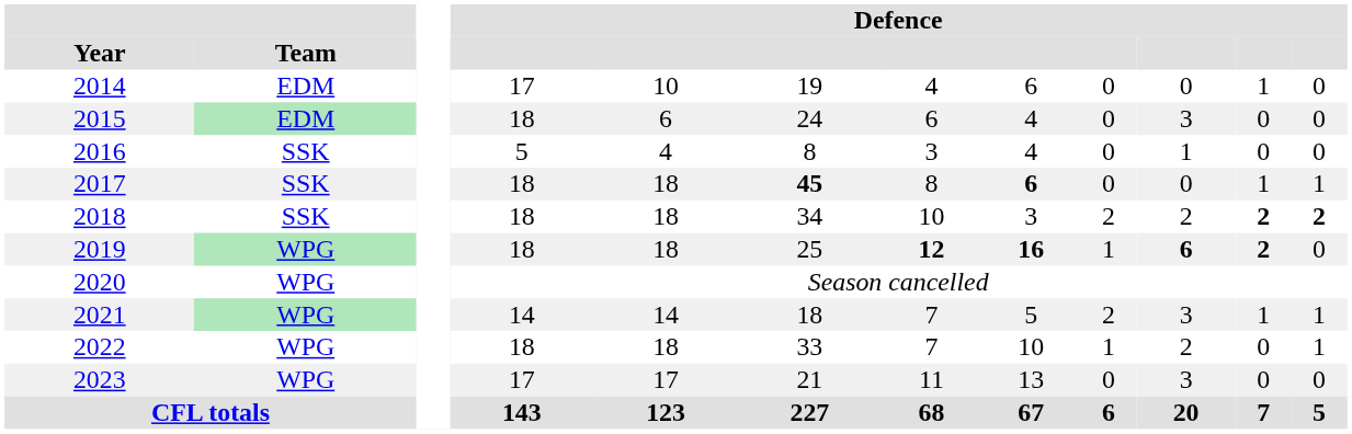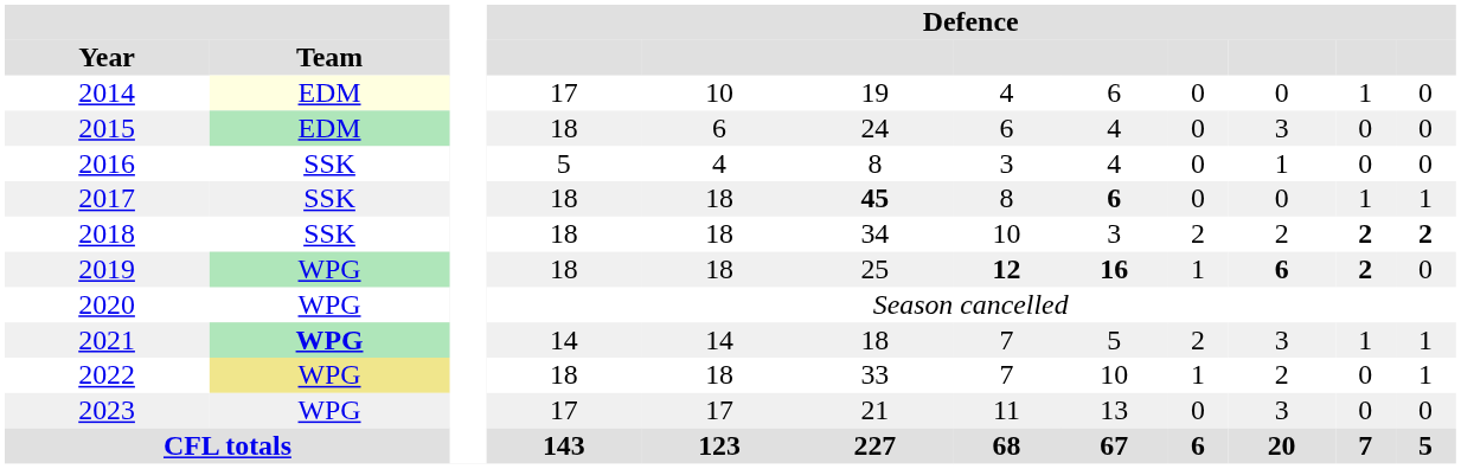 <table BORDER="0" CELLPADDING="1" CELLSPACING="0" width=65% style="text-align:center">
 <tr bgcolor="#e0e0e0">
 <th colspan="2"></th>
 <th rowspan="100" bgcolor="#ffffff"> </th>
 <th colspan="9">Defence</th>
 </tr>
 <tr bgcolor="#e0e0e0">
 <th>Year</th>
 <th>Team</th>
 <th></th>
 <th></th>
 <th></th>
 <th></th>
 <th></th>
 <th></th>
 <th></th>
 <th></th>
 <th></th>
 </tr>
 <tr>
 <td><a href='#'>2014</a></td>
-<td><a href='#'>EDM</a></td>
+<td style="background: lightyellow;"><a href='#'>EDM</a></td>
 <td>17</td>
 <td>10</td>
 <td>19</td>
 <td>4</td>
 <td>6</td>
 <td>0</td>
 <td>0</td>
 <td>1</td>
 <td>0</td>
 </tr>
 <tr ALIGN="center" bgcolor="#f0f0f0">
 <td><a href='#'>2015</a></td>
 <td style="background:#afe6ba"><a href='#'>EDM</a></td>
 <td>18</td>
 <td>6</td>
 <td>24</td>
 <td>6</td>
 <td>4</td>
 <td>0</td>
 <td>3</td>
 <td>0</td>
 <td>0</td>
 </tr>
 <tr>
 <td><a href='#'>2016</a></td>
 <td><a href='#'>SSK</a></td>
 <td>5</td>
 <td>4</td>
 <td>8</td>
 <td>3</td>
 <td>4</td>
 <td>0</td>
 <td>1</td>
 <td>0</td>
 <td>0</td>
 </tr>
 <tr ALIGN="center" bgcolor="#f0f0f0">
 <td><a href='#'>2017</a></td>
 <td><a href='#'>SSK</a></td>
 <td>18</td>
 <td>18</td>
 <td><strong>45</strong></td>
 <td>8</td>
 <td><strong>6</strong></td>
 <td>0</td>
 <td>0</td>
 <td>1</td>
 <td>1</td>
 </tr>
 <tr>
 <td><a href='#'>2018</a></td>
 <td><a href='#'>SSK</a></td>
 <td>18</td>
 <td>18</td>
 <td>34</td>
 <td>10</td>
 <td>3</td>
 <td>2</td>
 <td>2</td>
 <td><strong>2</strong></td>
 <td><strong>2</strong></td>
 </tr>
 <tr ALIGN="center" bgcolor="#f0f0f0">
 <td><a href='#'>2019</a></td>
 <td style="background:#afe6ba"><a href='#'>WPG</a></td>
 <td>18</td>
 <td>18</td>
 <td>25</td>
 <td><strong>12</strong></td>
 <td><strong>16</strong></td>
 <td>1</td>
 <td><strong>6</strong></td>
 <td><strong>2</strong></td>
 <td>0</td>
 </tr>
 <tr ALIGN="center">
 <td><a href='#'>2020</a></td>
 <td><a href='#'>WPG</a></td>
 <td colspan="10"><em>Season cancelled</em></td>
 </tr>
 <tr ALIGN="center" bgcolor="#f0f0f0">
 <td><a href='#'>2021</a></td>
-<td style="background:#afe6ba"><a href='#'>WPG</a></td>
+<td style="background:#afe6ba"><strong><a href='#'>WPG</a></strong></td>
 <td>14</td>
 <td>14</td>
 <td>18</td>
 <td>7</td>
 <td>5</td>
 <td>2</td>
 <td>3</td>
 <td>1</td>
 <td>1</td>
 </tr>
 <tr ALIGN="center">
 <td><a href='#'>2022</a></td>
-<td><a href='#'>WPG</a></td>
+<td style="background: khaki;"><a href='#'>WPG</a></td>
 <td>18</td>
 <td>18</td>
 <td>33</td>
 <td>7</td>
 <td>10</td>
 <td>1</td>
 <td>2</td>
 <td>0</td>
 <td>1</td>
 </tr>
 <tr ALIGN="center" bgcolor="#f0f0f0">
 <td><a href='#'>2023</a></td>
 <td><a href='#'>WPG</a></td>
 <td>17</td>
 <td>17</td>
 <td>21</td>
 <td>11</td>
 <td>13</td>
 <td>0</td>
 <td>3</td>
 <td>0</td>
 <td>0</td>
 </tr>
 <tr bgcolor="#e0e0e0">
 <th colspan="2"><a href='#'>CFL totals</a></th>
 <th>143</th>
 <th>123</th>
 <th>227</th>
 <th>68</th>
 <th>67</th>
 <th>6</th>
 <th>20</th>
 <th>7</th>
 <th>5</th>
 </tr>
 </table>
